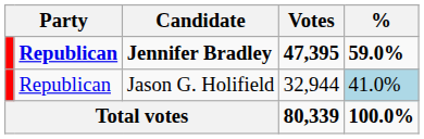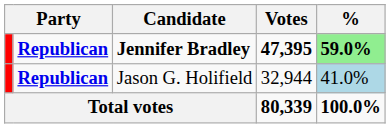 <table class="wikitable">
 <tr>
 <th colspan="2">Party</th>
 <th>Candidate</th>
 <th>Votes</th>
 <th>%</th>
 </tr>
 <tr>
 <td style="background-color:#ff0000;"></td>
 <td><strong><a href='#'>Republican</a></strong></td>
 <td><strong>Jennifer Bradley</strong></td>
 <td><strong>47,395</strong></td>
-<td><strong>59.0%</strong></td>
+<td style="background: lightgreen;"><strong>59.0%</strong></td>
 </tr>
 <tr>
 <td style="background-color:#ff0000;"></td>
-<td><a href='#'>Republican</a></td>
+<td><strong><a href='#'>Republican</a></strong></td>
 <td>Jason G. Holifield</td>
 <td>32,944</td>
 <td style="background: lightblue;">41.0%</td>
 </tr>
 <tr>
 <th colspan="3">Total votes</th>
 <td><strong>80,339</strong></td>
 <td><strong>100.0%</strong></td>
 </tr>
 </table>
